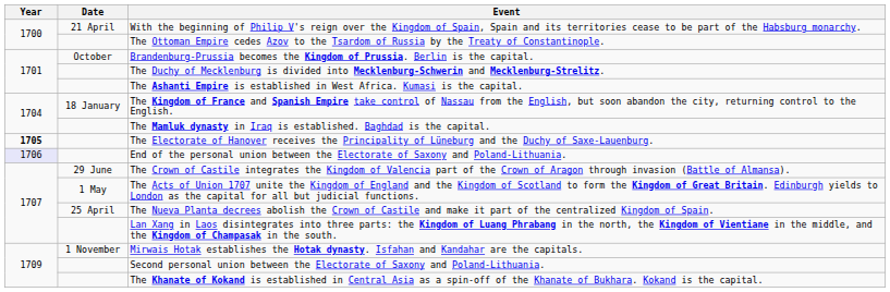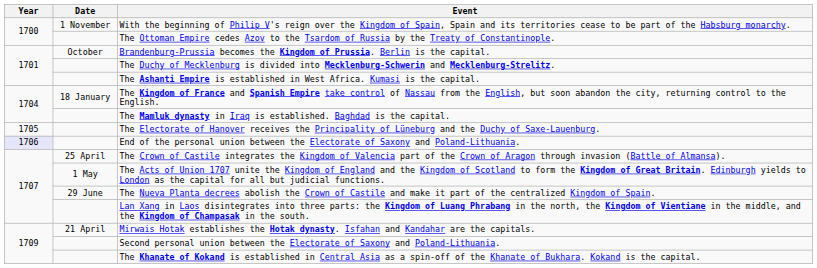 <table class=wikitable style="width:100%;">
 <tr>
 <th style="width:6%">Year</th>
 <th style="width:8%">Date</th>
 <th style="width:86%">Event</th>
 </tr>
 <tr>
 <td rowspan=2 align=center>1700</td>
-<td align=center>21 April</td>
+<td align=center>1 November</td>
 <td>With the beginning of <a href='#'>Philip V</a>'s reign over the <a href='#'>Kingdom of Spain</a>, Spain and its territories cease to be part of the <a href='#'>Habsburg monarchy</a>.</td>
 </tr>
 <tr>
 <td></td>
 <td>The <a href='#'>Ottoman Empire</a> cedes <a href='#'>Azov</a> to the <a href='#'>Tsardom of Russia</a> by the <a href='#'>Treaty of Constantinople</a>.</td>
 </tr>
 <tr>
 <td rowspan=3 align=center>1701</td>
 <td align=center>October</td>
 <td><a href='#'>Brandenburg-Prussia</a> becomes the <strong><a href='#'>Kingdom of Prussia</a></strong>. <a href='#'>Berlin</a> is the capital.</td>
 </tr>
 <tr>
 <td></td>
 <td>The <a href='#'>Duchy of Mecklenburg</a> is divided into <strong><a href='#'>Mecklenburg-Schwerin</a></strong> and <strong><a href='#'>Mecklenburg-Strelitz</a></strong>.</td>
 </tr>
 <tr>
 <td></td>
 <td>The <strong><a href='#'>Ashanti Empire</a></strong> is established in West Africa. <a href='#'>Kumasi</a> is the capital.</td>
 </tr>
 <tr>
 <td rowspan=2 align=center>1704</td>
 <td align=center>18 January</td>
 <td>The <strong><a href='#'>Kingdom of France</a></strong> and <strong><a href='#'>Spanish Empire</a></strong> <a href='#'>take control</a> of <a href='#'>Nassau</a> from the <a href='#'>English</a>, but soon abandon the city, returning control to the English.</td>
 </tr>
 <tr>
 <td></td>
 <td>The <strong><a href='#'>Mamluk dynasty</a></strong> in <a href='#'>Iraq</a> is established. <a href='#'>Baghdad</a> is the capital.</td>
 </tr>
 <tr>
-<td align=center><strong>1705</strong></td>
+<td align=center>1705</td>
 <td></td>
 <td>The <a href='#'>Electorate of Hanover</a> receives the <a href='#'>Principality of Lüneburg</a> and the <a href='#'>Duchy of Saxe-Lauenburg</a>.</td>
 </tr>
 <tr>
 <td align=center style="background: lavender;">1706</td>
 <td></td>
 <td>End of the personal union between the <a href='#'>Electorate of Saxony</a> and <a href='#'>Poland-Lithuania</a>.</td>
 </tr>
 <tr>
 <td rowspan=4 align=center>1707</td>
-<td align=center>29 June</td>
+<td align=center>25 April</td>
 <td>The <a href='#'>Crown of Castile</a> integrates the <a href='#'>Kingdom of Valencia</a> part of the <a href='#'>Crown of Aragon</a> through invasion (<a href='#'>Battle of Almansa</a>).</td>
 </tr>
 <tr>
 <td align=center>1 May</td>
 <td>The <a href='#'>Acts of Union 1707</a> unite the <a href='#'>Kingdom of England</a> and the <a href='#'>Kingdom of Scotland</a> to form the <strong><a href='#'>Kingdom of Great Britain</a></strong>. <a href='#'>Edinburgh</a> yields to <a href='#'>London</a> as the capital for all but judicial functions.</td>
 </tr>
 <tr>
-<td align=center>25 April</td>
+<td align=center>29 June</td>
 <td>The <a href='#'>Nueva Planta decrees</a> abolish the <a href='#'>Crown of Castile</a> and make it part of the centralized <a href='#'>Kingdom of Spain</a>.</td>
 </tr>
 <tr>
 <td></td>
 <td><a href='#'>Lan Xang</a> in <a href='#'>Laos</a> disintegrates into three parts: the <strong><a href='#'>Kingdom of Luang Phrabang</a></strong> in the north, the <strong><a href='#'>Kingdom of Vientiane</a></strong> in the middle, and the <strong><a href='#'>Kingdom of Champasak</a></strong> in the south.</td>
 </tr>
 <tr>
 <td rowspan=3 align=center>1709</td>
-<td align=center>1 November</td>
+<td align=center>21 April</td>
 <td><a href='#'>Mirwais Hotak</a> establishes the <strong><a href='#'>Hotak dynasty</a></strong>. <a href='#'>Isfahan</a> and <a href='#'>Kandahar</a> are the capitals.</td>
 </tr>
 <tr>
 <td></td>
 <td>Second personal union between the <a href='#'>Electorate of Saxony</a> and <a href='#'>Poland-Lithuania</a>.</td>
 </tr>
 <tr>
 <td></td>
 <td>The <strong><a href='#'>Khanate of Kokand</a></strong> is established in <a href='#'>Central Asia</a> as a spin-off of the <a href='#'>Khanate of Bukhara</a>. <a href='#'>Kokand</a> is the capital.</td>
 </tr>
 </table>
